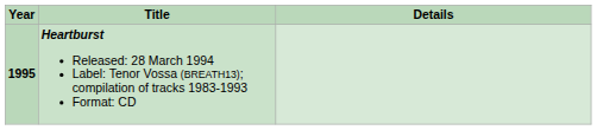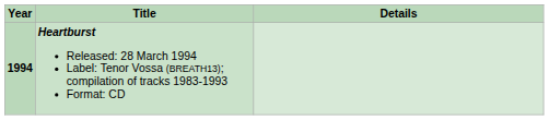 <table class="wikitable" style="background: #d7e9d7; text-align:left;">
 <tr>
 <th width="15" style="background: #bad8ba">Year</th>
 <th width="300" style="background: #bad8ba">Title</th>
 <th width="400" style="background: #bad8ba">Details</th>
 </tr>
 <tr>
-<td style="background: #bad8ba"><strong>1995</strong></td>
+<td style="background: #bad8ba"><strong>1994</strong></td>
 <td style="background: #cae2ca" align="left"><strong><em>Heartburst</em></strong><br><ul><li>Released: 28 March 1994</li><li>Label: Tenor Vossa <small>(BREATH13)</small>;<br>compilation of tracks 1983-1993</li><li>Format: CD</li></ul></td>
 <td></td>
 </tr>
 </table>
